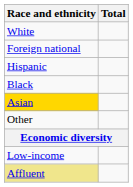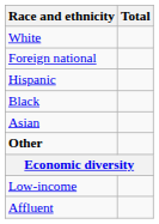 <table class="wikitable floatright sortable collapsible"; text-align:right; font-size:80%;">
 <tr>
 <th>Race and ethnicity</th>
 <th colspan="2" data-sort-type=number>Total</th>
 </tr>
 <tr>
 <td><a href='#'>White</a></td>
 <td align=right></td>
 </tr>
 <tr>
 <td><a href='#'>Foreign national</a></td>
 <td align=right></td>
 </tr>
 <tr>
 <td><a href='#'>Hispanic</a></td>
 <td align=right></td>
 </tr>
 <tr>
 <td><a href='#'>Black</a></td>
 <td align=right></td>
 </tr>
 <tr>
-<td style="background: gold;"><a href='#'>Asian</a></td>
+<td><a href='#'>Asian</a></td>
 <td align=right></td>
 </tr>
 <tr>
-<td>Other</td>
+<td><strong>Other</strong></td>
 <td align=right></td>
 </tr>
 <tr>
 <th colspan="4" data-sort-type=number><a href='#'>Economic diversity</a></th>
 </tr>
 <tr>
 <td><a href='#'>Low-income</a></td>
 <td align=right></td>
 </tr>
 <tr>
-<td style="background: khaki;"><a href='#'>Affluent</a></td>
+<td><a href='#'>Affluent</a></td>
 <td align=right></td>
 </tr>
 </table>
